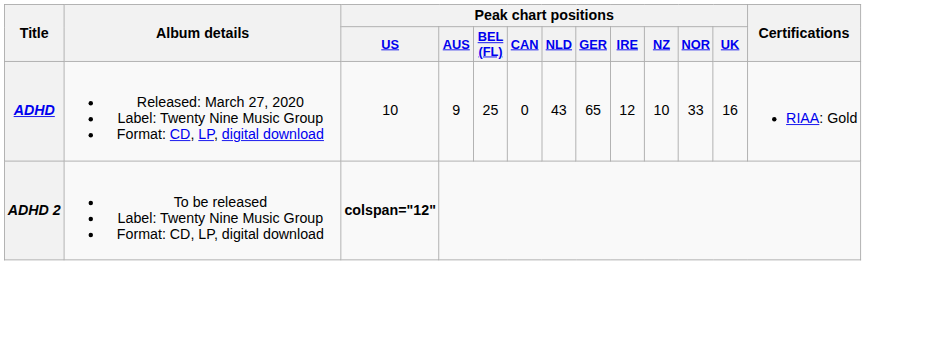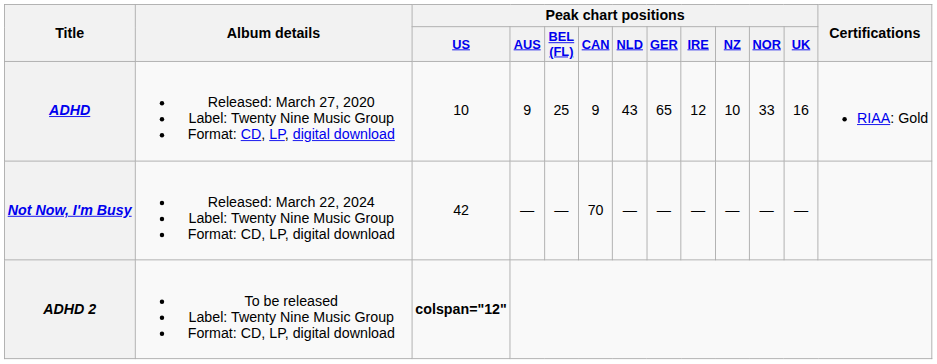 <table class="wikitable plainrowheaders" style="text-align:center">
 <tr>
 <th scope="col" rowspan="2">Title</th>
 <th scope="col" rowspan="2" style="width:19em;">Album details</th>
 <th scope="col" colspan="10">Peak chart positions</th>
 <th scope="col" rowspan="2">Certifications</th>
 </tr>
 <tr>
 <th scope="col" style="width:2.2em;font-size:90%;"><a href='#'>US</a><br></th>
 <th scope="col" style="width:2.2em;font-size:90%;"><a href='#'>AUS</a><br></th>
 <th scope="col" style="width:2.2em;font-size:90%;"><a href='#'>BEL<br>(FL)</a><br></th>
 <th scope="col" style="width:2.2em;font-size:90%;"><a href='#'>CAN</a><br></th>
 <th scope="col" style="width:2.2em;font-size:90%;"><a href='#'>NLD</a><br></th>
 <th scope="col" style="width:2.2em;font-size:90%;"><a href='#'>GER</a><br></th>
 <th scope="col" style="width:2.2em;font-size:90%;"><a href='#'>IRE</a><br></th>
 <th scope="col" style="width:2.2em;font-size:90%;"><a href='#'>NZ</a><br></th>
 <th scope="col" style="width:2.2em;font-size:90%;"><a href='#'>NOR</a><br></th>
 <th scope="col" style="width:2.2em;font-size:90%;"><a href='#'>UK</a><br></th>
 </tr>
 <tr>
 <th scope="row"><em><a href='#'>ADHD</a></em></th>
 <td><br><ul><li>Released: March 27, 2020</li><li>Label: Twenty Nine Music Group</li><li>Format: <a href='#'>CD</a>, <a href='#'>LP</a>, <a href='#'>digital download</a></li></ul></td>
 <td>10</td>
 <td>9</td>
 <td>25</td>
-<td>0</td>
+<td>9</td>
 <td>43</td>
 <td>65</td>
 <td>12</td>
 <td>10</td>
 <td>33</td>
 <td>16</td>
 <td><br><ul><li><a href='#'>RIAA</a>: Gold</li></ul></td>
 </tr>
 <tr>
+<th scope="row"><em><a href='#'>Not Now, I'm Busy</a></em></th>
+<td><br><ul><li>Released: March 22, 2024</li><li>Label: Twenty Nine Music Group</li><li>Format: CD, LP, digital download</li></ul></td>
+<td>42</td>
+<td>—</td>
+<td>—</td>
+<td>70</td>
+<td>—</td>
+<td>—</td>
+<td>—</td>
+<td>—</td>
+<td>—</td>
+<td>—</td>
+<td></td>
+</tr>
+<tr>
 <th scope="row"><em>ADHD 2</em></th>
 <td><br><ul><li>To be released</li><li>Label: Twenty Nine Music Group</li><li>Format: CD, LP, digital download</li></ul></td>
 <td><strong>colspan="12" </strong></td>
 </tr>
 </table>
